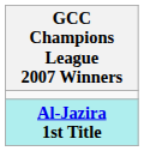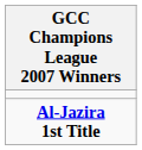 <table class="wikitable" style="text-align: center; margin: 0 auto; width: 20%">
 <tr>
 <th>GCC Champions League <br>2007 Winners</th>
 </tr>
 <tr>
 <td></td>
 </tr>
 <tr>
-<td style="background: paleturquoise;"><strong><a href='#'>Al-Jazira</a></strong><br><strong>1st Title</strong></td>
+<td><strong><a href='#'>Al-Jazira</a></strong><br><strong>1st Title</strong></td>
 </tr>
 </table>
